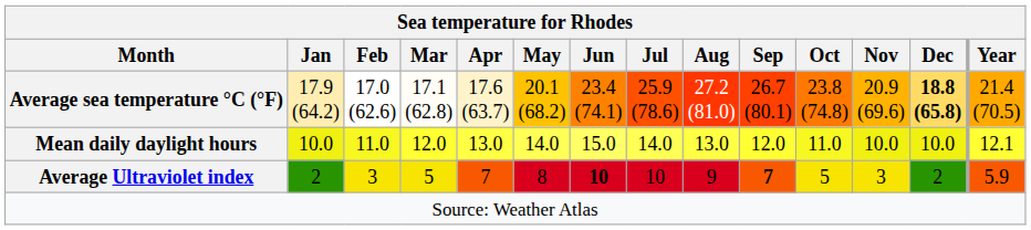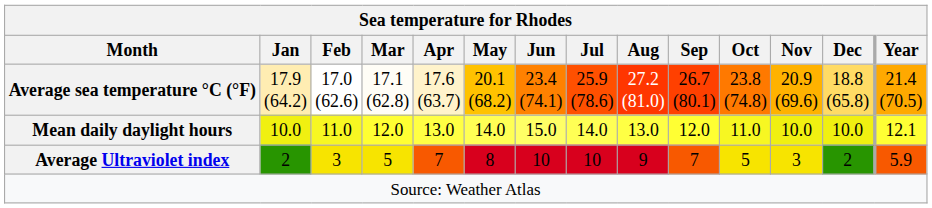 <table style="float:left;text-align:center;line-height:1.2em;margin-left:auto;margin-right:auto" class="wikitable mw-collapsible">
 <tr>
 <th Colspan=14>Sea temperature for Rhodes</th>
 </tr>
 <tr>
 <th>Month</th>
 <th>Jan</th>
 <th>Feb</th>
 <th>Mar</th>
 <th>Apr</th>
 <th>May</th>
 <th>Jun</th>
 <th>Jul</th>
 <th>Aug</th>
 <th>Sep</th>
 <th>Oct</th>
 <th>Nov</th>
 <th>Dec</th>
 <th style="border-left-width:medium">Year</th>
 </tr>
 <tr>
 <th>Average sea temperature °C (°F)</th>
 <td style="background:#ffedb2; color:#000;">17.9<br>(64.2)</td>
 <td style="background:#fff; color:#000;">17.0<br>(62.6)</td>
 <td style="background:#fffdf6; color:#000;">17.1<br>(62.8)</td>
 <td style="background:#fff3cb; color:#000;">17.6<br>(63.7)</td>
 <td style="background:#ffc200; color:#000;">20.1<br>(68.2)</td>
 <td style="background:#ff8100; color:#000;">23.4<br>(74.1)</td>
 <td style="background:#ff5000; color:#000;">25.9<br>(78.6)</td>
 <td style="background:#ff3600; color:#fff;">27.2<br>(81.0)</td>
 <td style="background:#ff4000; color:#000;">26.7<br>(80.1)</td>
 <td style="background:#ff7900; color:#000;">23.8<br>(74.8)</td>
 <td style="background:#ffb200; color:#000;">20.9<br>(69.6)</td>
-<td style="background:#ffdb65; color:#000;"><strong>18.8<br>(65.8)</strong></td>
+<td style="background:#ffdb65; color:#000;">18.8<br>(65.8)</td>
 <td style="background:#ffa900; color:#000; border-left-width:medium;">21.4<br>(70.5)</td>
 </tr>
 <tr>
 <th>Mean daily daylight hours</th>
 <td style="background:#f0f011; color:#000;">10.0</td>
 <td style="background:#f7f722; color:#000;">11.0</td>
 <td style="background:#ff3; color:#000;">12.0</td>
 <td style="background:#ff4; color:#000;">13.0</td>
 <td style="background:#ff5; color:#000;">14.0</td>
 <td style="background:#ff6; color:#000;">15.0</td>
 <td style="background:#ff5; color:#000;">14.0</td>
 <td style="background:#ff4; color:#000;">13.0</td>
 <td style="background:#ff3; color:#000;">12.0</td>
 <td style="background:#f7f722; color:#000;">11.0</td>
 <td style="background:#f0f011; color:#000;">10.0</td>
 <td style="background:#f0f011; color:#000;">10.0</td>
 <td style="background:#ffff34; color:#000; border-left-width:medium;">12.1</td>
 </tr>
 <tr>
 <th>Average <a href='#'>Ultraviolet index</a></th>
 <td style="background:#289500; color:#000;">2</td>
 <td style="background:#f7e400; color:#000;">3</td>
 <td style="background:#f7e400; color:#000;">5</td>
 <td style="background:#f85900; color:#000;">7</td>
 <td style="background:#d8001d; color:#000;">8</td>
-<td style="background:#d8001d; color:#000;"><strong>10</strong></td>
+<td style="background:#d8001d; color:#000;">10</td>
 <td style="background:#d8001d; color:#000;">10</td>
 <td style="background:#d8001d; color:#000;">9</td>
-<td style="background:#f85900; color:#000;"><strong>7</strong></td>
+<td style="background:#f85900; color:#000;">7</td>
 <td style="background:#f7e400; color:#000;">5</td>
 <td style="background:#f7e400; color:#000;">3</td>
 <td style="background:#289500; color:#000;">2</td>
 <td style="background:#f85900; color:#000; border-left-width:medium;">5.9</td>
 </tr>
 <tr>
 <th Colspan=14 style="background:#f8f9fa;font-weight:normal;font-size:95%;">Source: Weather Atlas</th>
 </tr>
 </table>
